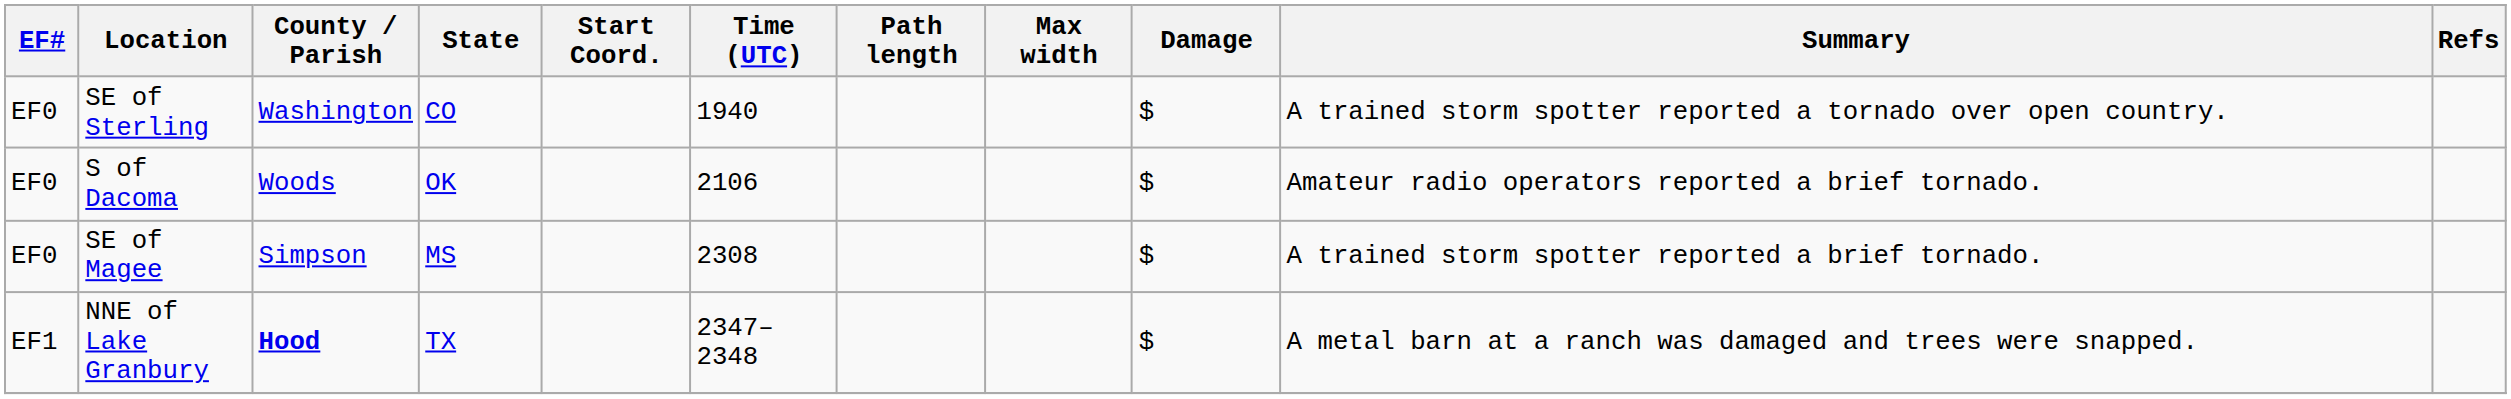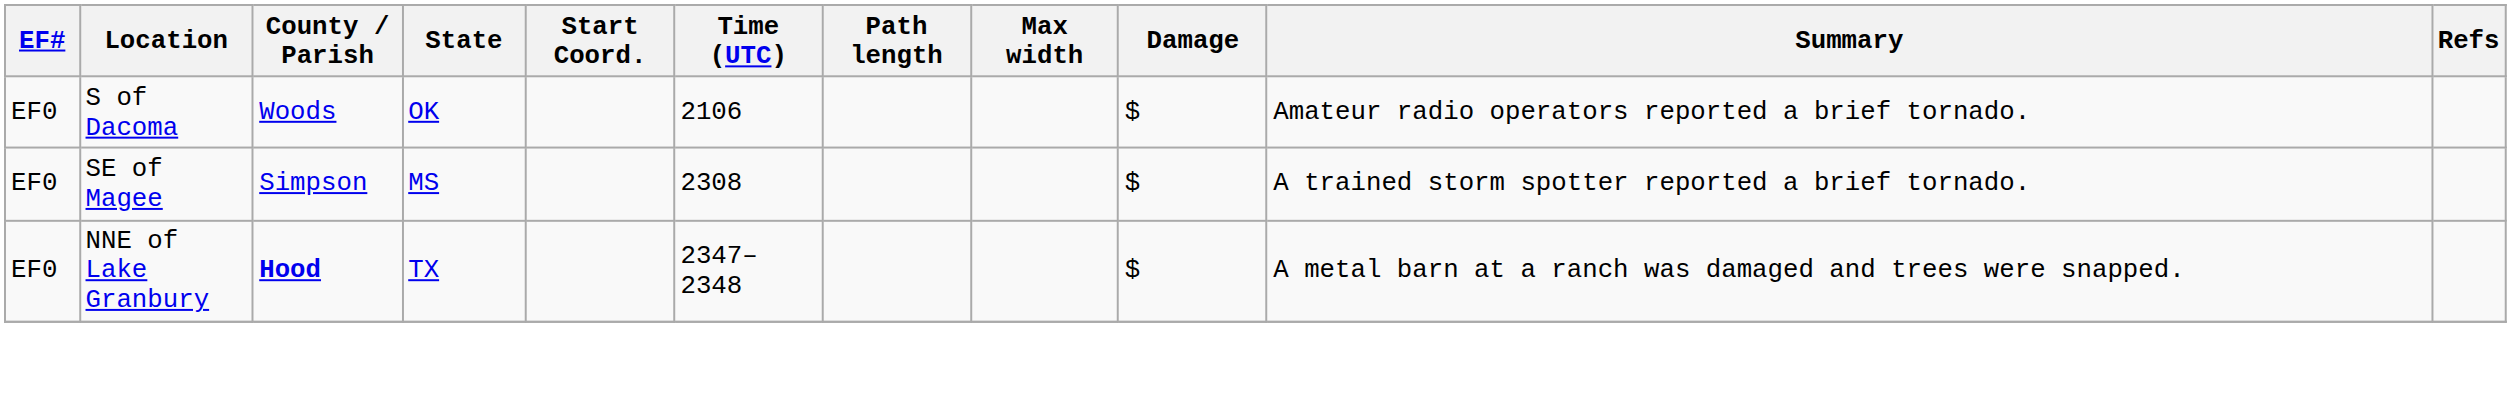 <table class="wikitable sortable" style="width:100%;">
 <tr>
 <th scope="col" width="3%" align="center"><a href='#'>EF#</a></th>
 <th scope="col" width="7%" align="center" class="unsortable">Location</th>
 <th scope="col" width="6%" align="center" class="unsortable">County / Parish</th>
 <th scope="col" width="5%" align="center">State</th>
 <th scope="col" width="6%" align="center">Start Coord.</th>
 <th scope="col" width="6%" align="center">Time (<a href='#'>UTC</a>)</th>
 <th scope="col" width="6%" align="center">Path length</th>
 <th scope="col" width="6%" align="center">Max width</th>
 <th scope="col" width="6%" align="center">Damage</th>
 <th scope="col" width="48%" class="unsortable" align="center">Summary</th>
 <th scope="col" width="48%" class="unsortable" align="center">Refs</th>
-</tr>
-<tr>
-<td>EF0</td>
-<td>SE of <a href='#'>Sterling</a></td>
-<td><a href='#'>Washington</a></td>
-<td><a href='#'>CO</a></td>
-<td></td>
-<td>1940</td>
-<td></td>
-<td></td>
-<td>$</td>
-<td>A trained storm spotter reported a tornado over open country.</td>
-<td></td>
 </tr>
 <tr>
 <td>EF0</td>
 <td>S of <a href='#'>Dacoma</a></td>
 <td><a href='#'>Woods</a></td>
 <td><a href='#'>OK</a></td>
 <td></td>
 <td>2106</td>
 <td></td>
 <td></td>
 <td>$</td>
 <td>Amateur radio operators reported a brief tornado.</td>
 <td></td>
 </tr>
 <tr>
 <td>EF0</td>
 <td>SE of <a href='#'>Magee</a></td>
 <td><a href='#'>Simpson</a></td>
 <td><a href='#'>MS</a></td>
 <td></td>
 <td>2308</td>
 <td></td>
 <td></td>
 <td>$</td>
 <td>A trained storm spotter reported a brief tornado.</td>
 <td></td>
 </tr>
 <tr>
-<td>EF1</td>
+<td>EF0</td>
 <td>NNE of <a href='#'>Lake Granbury</a></td>
 <td><strong><a href='#'>Hood</a></strong></td>
 <td><a href='#'>TX</a></td>
 <td></td>
 <td>2347–2348</td>
 <td></td>
 <td></td>
 <td>$</td>
 <td>A metal barn at a ranch was damaged and trees were snapped.</td>
 <td></td>
 </tr>
 <tr>
 </tr>
 </table>
